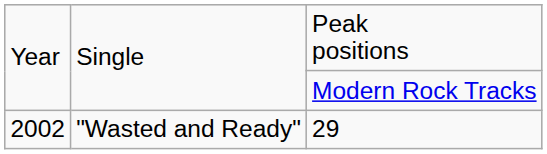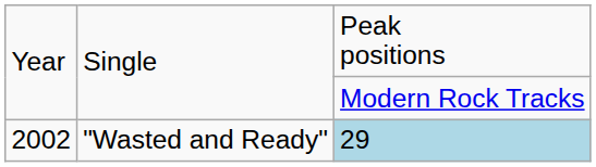 <table class="wikitable">
 <tr>
 <td rowspan="2">Year</td>
 <td rowspan="2">Single</td>
 <td colspan="3">Peak<br>positions</td>
 </tr>
 <tr>
 <td><a href='#'>Modern Rock Tracks</a></td>
 </tr>
 <tr>
 <td>2002</td>
 <td>"Wasted and Ready"</td>
-<td>29</td>
+<td style="background: lightblue;">29</td>
 </tr>
 </table>
